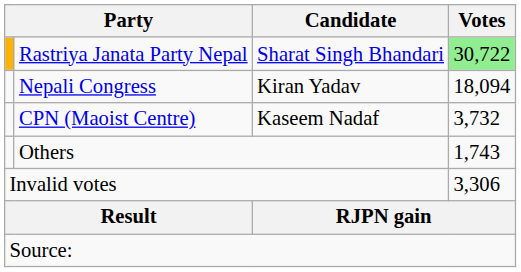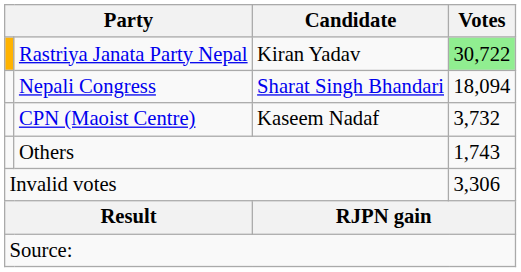 <table class="wikitable">
 <tr>
 <th colspan="2">Party</th>
 <th>Candidate</th>
 <th>Votes</th>
 </tr>
 <tr>
 <td style="background-color:#ffb300"></td>
 <td><a href='#'>Rastriya Janata Party Nepal</a></td>
-<td><a href='#'>Sharat Singh Bhandari</a></td>
+<td>Kiran Yadav</td>
 <td style="background: lightgreen;">30,722</td>
 </tr>
 <tr>
 <td style="background-color:"></td>
 <td><a href='#'>Nepali Congress</a></td>
-<td>Kiran Yadav</td>
+<td><a href='#'>Sharat Singh Bhandari</a></td>
 <td>18,094</td>
 </tr>
 <tr>
 <td style="background-color:"></td>
 <td><a href='#'>CPN (Maoist Centre)</a></td>
 <td>Kaseem Nadaf</td>
 <td>3,732</td>
 </tr>
 <tr>
 <td></td>
 <td colspan="2">Others</td>
 <td>1,743</td>
 </tr>
 <tr>
 <td colspan="3">Invalid votes</td>
 <td>3,306</td>
 </tr>
 <tr>
 <th colspan="2">Result</th>
 <th colspan="2">RJPN gain</th>
 </tr>
 <tr>
 <td colspan="4">Source: </td>
 </tr>
 </table>
